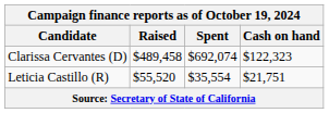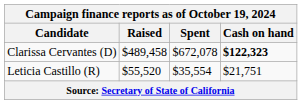 <table class="wikitable sortable">
 <tr>
 <th colspan=4>Campaign finance reports as of October 19, 2024</th>
 </tr>
 <tr style="text-align:center;">
 <th>Candidate</th>
 <th>Raised</th>
 <th>Spent</th>
 <th>Cash on hand</th>
 </tr>
 <tr>
 <td style="color:black;background-color:">Clarissa Cervantes (D)</td>
 <td>$489,458</td>
-<td>$692,074</td>
-<td>$122,323</td>
+<td>$672,078</td>
+<td><strong>$122,323</strong></td>
 </tr>
 <tr>
 <td style="background-color:">Leticia Castillo (R)</td>
 <td>$55,520</td>
 <td>$35,554</td>
 <td>$21,751</td>
 </tr>
 <tr>
 <th colspan="4"><small>Source: <a href='#'>Secretary of State of California</a></small></th>
 </tr>
 </table>
